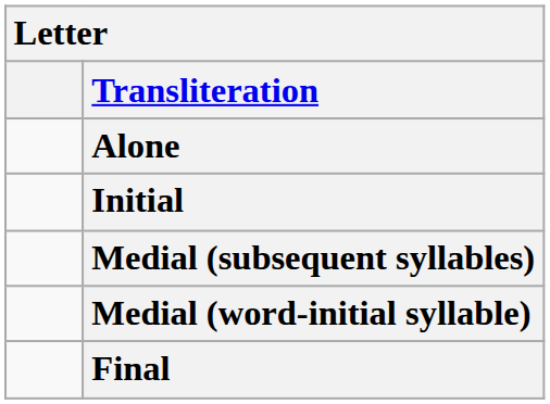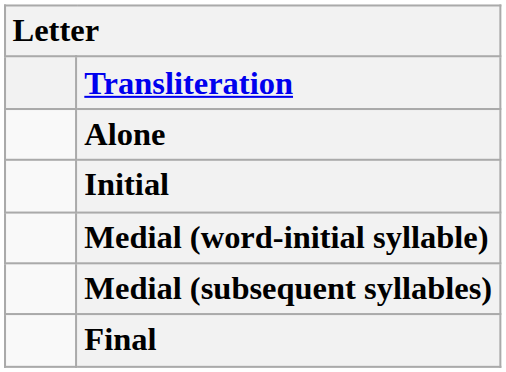 <table class="wikitable" style="text-align: center; display: inline-table;">
 <tr>
 <th colspan="2" style="text-align: left">Letter</th>
 </tr>
 <tr>
 <th style="min-width: 1.75em"></th>
 <th style="text-align: left"><a href='#'>Transliteration</a></th>
 </tr>
 <tr>
 <td></td>
 <th style="text-align: left">Alone</th>
 </tr>
 <tr>
 <td></td>
 <th style="text-align: left">Initial</th>
 </tr>
 <tr>
 <td></td>
-<th style="text-align: left">Medial (subsequent syllables)</th>
+<th style="text-align: left">Medial (word-initial syllable)</th>
 </tr>
 <tr>
 <td></td>
-<th style="text-align: left">Medial (word-initial syllable)</th>
+<th style="text-align: left">Medial (subsequent syllables)</th>
 </tr>
 <tr>
 <td></td>
 <th style="text-align: left">Final</th>
 </tr>
 </table>
